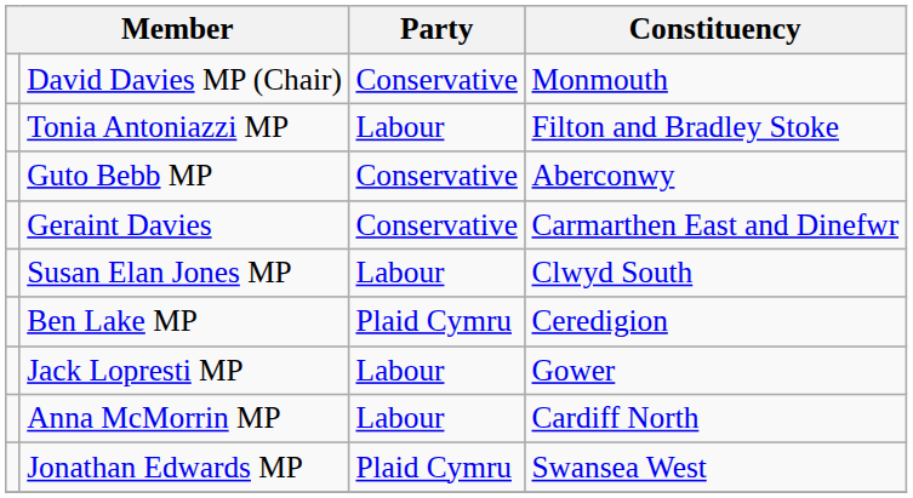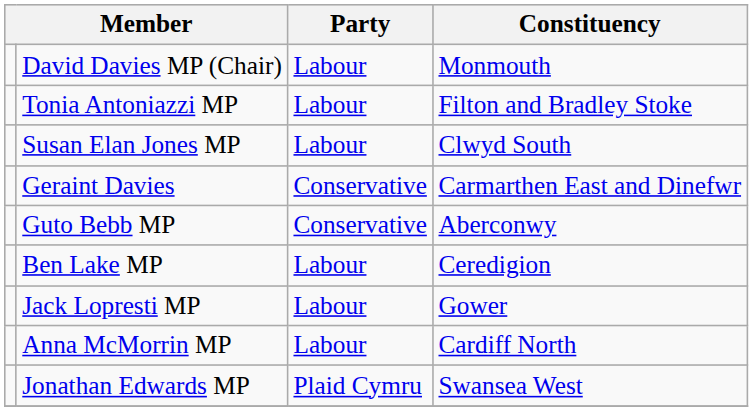 <table class="wikitable">
 <tr>
 <th colspan="2" valign="top">Member</th>
 <th valign="top">Party</th>
 <th valign="top">Constituency</th>
 </tr>
 <tr>
 <td style="color:inherit;background:"></td>
 <td><a href='#'>David Davies</a> MP (Chair)</td>
-<td><a href='#'>Conservative</a></td>
+<td><a href='#'>Labour</a></td>
 <td><a href='#'>Monmouth</a></td>
 </tr>
 <tr>
 <td style="color:inherit;background:"></td>
 <td><a href='#'>Tonia Antoniazzi</a> MP</td>
 <td><a href='#'>Labour</a></td>
 <td><a href='#'>Filton and Bradley Stoke</a></td>
 </tr>
 <tr>
 <td style="color:inherit;background:"></td>
-<td><a href='#'>Guto Bebb</a> MP</td>
-<td><a href='#'>Conservative</a></td>
-<td><a href='#'>Aberconwy</a></td>
+<td><a href='#'>Susan Elan Jones</a> MP</td>
+<td><a href='#'>Labour</a></td>
+<td><a href='#'>Clwyd South</a></td>
 </tr>
 <tr>
 <td style="color:inherit;background:"></td>
 <td><a href='#'>Geraint Davies</a></td>
 <td><a href='#'>Conservative</a></td>
 <td><a href='#'>Carmarthen East and Dinefwr</a></td>
 </tr>
 <tr>
 <td style="color:inherit;background:"></td>
-<td><a href='#'>Susan Elan Jones</a> MP</td>
-<td><a href='#'>Labour</a></td>
-<td><a href='#'>Clwyd South</a></td>
+<td><a href='#'>Guto Bebb</a> MP</td>
+<td><a href='#'>Conservative</a></td>
+<td><a href='#'>Aberconwy</a></td>
 </tr>
 <tr>
 <td style="color:inherit;background:"></td>
 <td><a href='#'>Ben Lake</a> MP</td>
-<td><a href='#'>Plaid Cymru</a></td>
+<td><a href='#'>Labour</a></td>
 <td><a href='#'>Ceredigion</a></td>
 </tr>
 <tr>
 <td style="color:inherit;background:"></td>
 <td><a href='#'>Jack Lopresti</a> MP</td>
 <td><a href='#'>Labour</a></td>
 <td><a href='#'>Gower</a></td>
 </tr>
 <tr>
 <td style="color:inherit;background:"></td>
 <td><a href='#'>Anna McMorrin</a> MP</td>
 <td><a href='#'>Labour</a></td>
 <td><a href='#'>Cardiff North</a></td>
 </tr>
 <tr>
 <td style="color:inherit;background:"></td>
 <td><a href='#'>Jonathan Edwards</a> MP</td>
 <td><a href='#'>Plaid Cymru</a></td>
 <td><a href='#'>Swansea West</a></td>
 </tr>
 <tr>
 </tr>
 </table>
